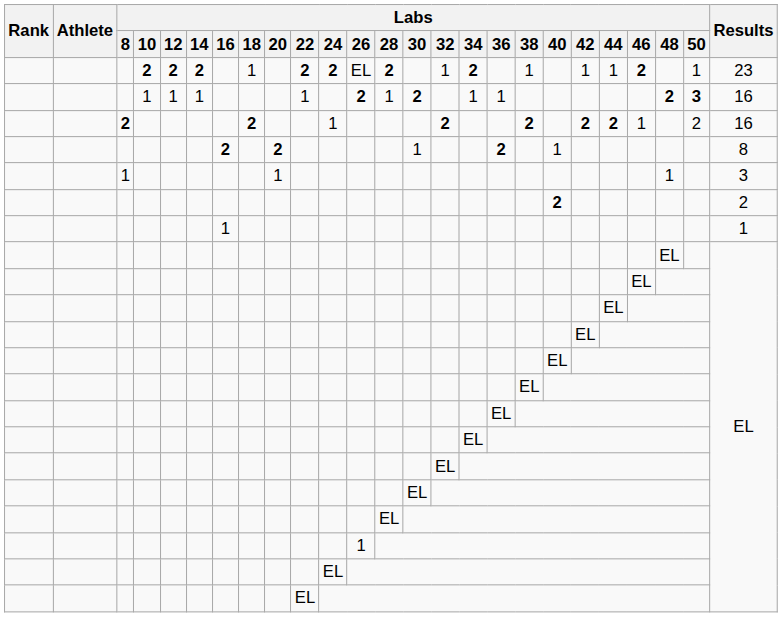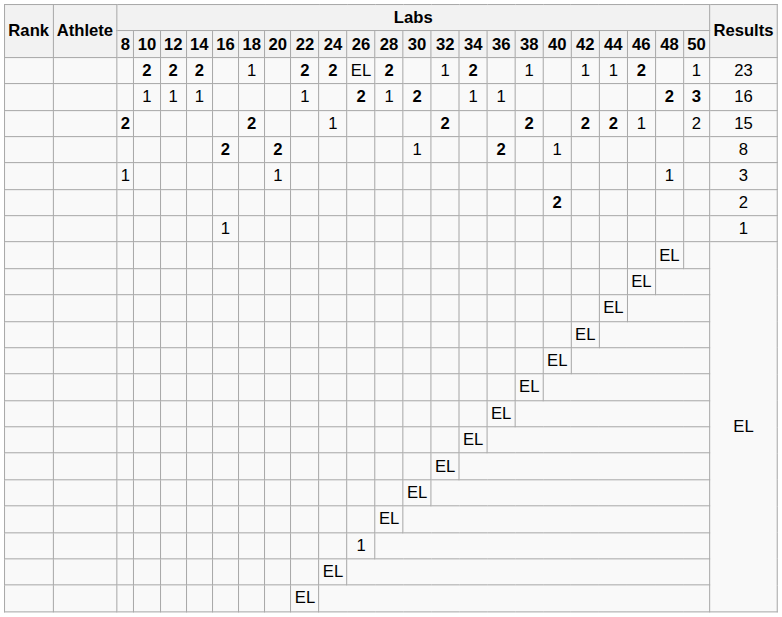 <table class="wikitable sortable" style="text-align:center">
 <tr>
 <th rowspan="2">Rank</th>
 <th rowspan="2">Athlete</th>
 <th colspan="22">Labs</th>
 <th rowspan="2">Results</th>
 </tr>
 <tr>
 <th>8</th>
 <th>10</th>
 <th>12</th>
 <th>14</th>
 <th>16</th>
 <th>18</th>
 <th>20</th>
 <th>22</th>
 <th>24</th>
 <th>26</th>
 <th>28</th>
 <th>30</th>
 <th>32</th>
 <th>34</th>
 <th>36</th>
 <th>38</th>
 <th>40</th>
 <th>42</th>
 <th>44</th>
 <th>46</th>
 <th>48</th>
 <th>50</th>
 </tr>
 <tr>
 <td></td>
 <td align="left"></td>
 <td></td>
 <td><strong>2</strong></td>
 <td><strong>2</strong></td>
 <td><strong>2</strong></td>
 <td></td>
 <td>1</td>
 <td></td>
 <td><strong>2</strong></td>
 <td><strong>2</strong></td>
 <td>EL</td>
 <td><strong>2</strong></td>
 <td></td>
 <td>1</td>
 <td><strong>2</strong></td>
 <td></td>
 <td>1</td>
 <td></td>
 <td>1</td>
 <td>1</td>
 <td><strong>2</strong></td>
 <td></td>
 <td>1</td>
 <td>23<br></td>
 </tr>
 <tr>
 <td></td>
 <td align="left"></td>
 <td></td>
 <td>1</td>
 <td>1</td>
 <td>1</td>
 <td></td>
 <td></td>
 <td></td>
 <td>1</td>
 <td></td>
 <td><strong>2</strong></td>
 <td>1</td>
 <td><strong>2</strong></td>
 <td></td>
 <td>1</td>
 <td>1</td>
 <td></td>
 <td></td>
 <td></td>
 <td></td>
 <td></td>
 <td><strong>2</strong></td>
 <td><strong>3</strong></td>
 <td>16<br></td>
 </tr>
 <tr>
 <td></td>
 <td align="left"></td>
 <td><strong>2</strong></td>
 <td></td>
 <td></td>
 <td></td>
 <td></td>
 <td><strong>2</strong></td>
 <td></td>
 <td></td>
 <td>1</td>
 <td></td>
 <td></td>
 <td></td>
 <td><strong>2</strong></td>
 <td></td>
 <td></td>
 <td><strong>2</strong></td>
 <td></td>
 <td><strong>2</strong></td>
 <td><strong>2</strong></td>
 <td>1</td>
 <td></td>
 <td>2</td>
-<td>16<br></td>
+<td>15<br></td>
 </tr>
 <tr>
 <td></td>
 <td align="left"></td>
 <td></td>
 <td></td>
 <td></td>
 <td></td>
 <td><strong>2</strong></td>
 <td></td>
 <td><strong>2</strong></td>
 <td></td>
 <td></td>
 <td></td>
 <td></td>
 <td>1</td>
 <td></td>
 <td></td>
 <td><strong>2</strong></td>
 <td></td>
 <td>1</td>
 <td></td>
 <td></td>
 <td></td>
 <td></td>
 <td></td>
 <td>8</td>
 </tr>
 <tr>
 <td></td>
 <td align="left"></td>
 <td>1</td>
 <td></td>
 <td></td>
 <td></td>
 <td></td>
 <td></td>
 <td>1</td>
 <td></td>
 <td></td>
 <td></td>
 <td></td>
 <td></td>
 <td></td>
 <td></td>
 <td></td>
 <td></td>
 <td></td>
 <td></td>
 <td></td>
 <td></td>
 <td>1</td>
 <td></td>
 <td>3</td>
 </tr>
 <tr>
 <td></td>
 <td align="left"></td>
 <td></td>
 <td></td>
 <td></td>
 <td></td>
 <td></td>
 <td></td>
 <td></td>
 <td></td>
 <td></td>
 <td></td>
 <td></td>
 <td></td>
 <td></td>
 <td></td>
 <td></td>
 <td></td>
 <td><strong>2</strong></td>
 <td></td>
 <td></td>
 <td></td>
 <td></td>
 <td></td>
 <td>2</td>
 </tr>
 <tr>
 <td></td>
 <td align="left"></td>
 <td></td>
 <td></td>
 <td></td>
 <td></td>
 <td>1</td>
 <td></td>
 <td></td>
 <td></td>
 <td></td>
 <td></td>
 <td></td>
 <td></td>
 <td></td>
 <td></td>
 <td></td>
 <td></td>
 <td></td>
 <td></td>
 <td></td>
 <td></td>
 <td></td>
 <td></td>
 <td>1</td>
 </tr>
 <tr>
 <td></td>
 <td align="left"></td>
 <td></td>
 <td></td>
 <td></td>
 <td></td>
 <td></td>
 <td></td>
 <td></td>
 <td></td>
 <td></td>
 <td></td>
 <td></td>
 <td></td>
 <td></td>
 <td></td>
 <td></td>
 <td></td>
 <td></td>
 <td></td>
 <td></td>
 <td></td>
 <td>EL</td>
 <td></td>
 <td rowspan="14">EL</td>
 </tr>
 <tr>
 <td></td>
 <td align="left"></td>
 <td></td>
 <td></td>
 <td></td>
 <td></td>
 <td></td>
 <td></td>
 <td></td>
 <td></td>
 <td></td>
 <td></td>
 <td></td>
 <td></td>
 <td></td>
 <td></td>
 <td></td>
 <td></td>
 <td></td>
 <td></td>
 <td></td>
 <td>EL</td>
 <td colspan="2"></td>
 </tr>
 <tr>
 <td></td>
 <td align="left"></td>
 <td></td>
 <td></td>
 <td></td>
 <td></td>
 <td></td>
 <td></td>
 <td></td>
 <td></td>
 <td></td>
 <td></td>
 <td></td>
 <td></td>
 <td></td>
 <td></td>
 <td></td>
 <td></td>
 <td></td>
 <td></td>
 <td>EL</td>
 <td colspan="3"></td>
 </tr>
 <tr>
 <td></td>
 <td align="left"></td>
 <td></td>
 <td></td>
 <td></td>
 <td></td>
 <td></td>
 <td></td>
 <td></td>
 <td></td>
 <td></td>
 <td></td>
 <td></td>
 <td></td>
 <td></td>
 <td></td>
 <td></td>
 <td></td>
 <td></td>
 <td>EL</td>
 <td colspan="4"></td>
 </tr>
 <tr>
 <td></td>
 <td align="left"></td>
 <td></td>
 <td></td>
 <td></td>
 <td></td>
 <td></td>
 <td></td>
 <td></td>
 <td></td>
 <td></td>
 <td></td>
 <td></td>
 <td></td>
 <td></td>
 <td></td>
 <td></td>
 <td></td>
 <td>EL</td>
 <td colspan="5"></td>
 </tr>
 <tr>
 <td></td>
 <td align="left"></td>
 <td></td>
 <td></td>
 <td></td>
 <td></td>
 <td></td>
 <td></td>
 <td></td>
 <td></td>
 <td></td>
 <td></td>
 <td></td>
 <td></td>
 <td></td>
 <td></td>
 <td></td>
 <td>EL</td>
 <td colspan="6"></td>
 </tr>
 <tr>
 <td></td>
 <td align="left"></td>
 <td></td>
 <td></td>
 <td></td>
 <td></td>
 <td></td>
 <td></td>
 <td></td>
 <td></td>
 <td></td>
 <td></td>
 <td></td>
 <td></td>
 <td></td>
 <td></td>
 <td>EL</td>
 <td colspan="7"></td>
 </tr>
 <tr>
 <td></td>
 <td align="left"></td>
 <td></td>
 <td></td>
 <td></td>
 <td></td>
 <td></td>
 <td></td>
 <td></td>
 <td></td>
 <td></td>
 <td></td>
 <td></td>
 <td></td>
 <td></td>
 <td>EL</td>
 <td colspan="8"></td>
 </tr>
 <tr>
 <td></td>
 <td align="left"></td>
 <td></td>
 <td></td>
 <td></td>
 <td></td>
 <td></td>
 <td></td>
 <td></td>
 <td></td>
 <td></td>
 <td></td>
 <td></td>
 <td></td>
 <td>EL</td>
 <td colspan="9"></td>
 </tr>
 <tr>
 <td></td>
 <td align="left"></td>
 <td></td>
 <td></td>
 <td></td>
 <td></td>
 <td></td>
 <td></td>
 <td></td>
 <td></td>
 <td></td>
 <td></td>
 <td></td>
 <td>EL</td>
 <td colspan="10"></td>
 </tr>
 <tr>
 <td></td>
 <td align="left"></td>
 <td></td>
 <td></td>
 <td></td>
 <td></td>
 <td></td>
 <td></td>
 <td></td>
 <td></td>
 <td></td>
 <td></td>
 <td>EL</td>
 <td colspan="11"></td>
 </tr>
 <tr>
 <td></td>
 <td align="left"></td>
 <td></td>
 <td></td>
 <td></td>
 <td></td>
 <td></td>
 <td></td>
 <td></td>
 <td></td>
 <td></td>
 <td>1</td>
 <td colspan="12"></td>
 </tr>
 <tr>
 <td></td>
 <td align="left"></td>
 <td></td>
 <td></td>
 <td></td>
 <td></td>
 <td></td>
 <td></td>
 <td></td>
 <td></td>
 <td>EL</td>
 <td colspan="13"></td>
 </tr>
 <tr>
 <td></td>
 <td align="left"></td>
 <td></td>
 <td></td>
 <td></td>
 <td></td>
 <td></td>
 <td></td>
 <td></td>
 <td>EL</td>
 <td colspan="14"></td>
 </tr>
 </table>
